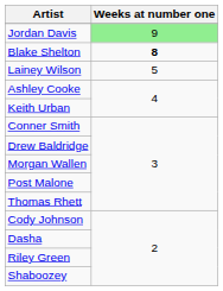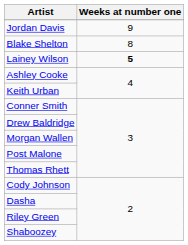 <table class="wikitable plainrowheaders sortable">
 <tr>
 <th scope=col>Artist</th>
 <th scope=col>Weeks at number one</th>
 </tr>
 <tr class=unsortable>
 </tr>
 <tr>
 <td><a href='#'>Jordan Davis</a></td>
-<td align=center style="background: lightgreen;">9</td>
+<td align=center>9</td>
 </tr>
 <tr>
 <td><a href='#'>Blake Shelton</a></td>
-<td align=center><strong>8</strong></td>
+<td align=center>8</td>
 </tr>
 <tr>
 <td><a href='#'>Lainey Wilson</a></td>
-<td align=center>5</td>
+<td align=center><strong>5</strong></td>
 </tr>
 <tr>
 <td><a href='#'>Ashley Cooke</a></td>
 <td rowspan="2" align="center">4</td>
 </tr>
 <tr>
 <td><a href='#'>Keith Urban</a></td>
 </tr>
 <tr>
 <td><a href='#'>Conner Smith</a></td>
 <td rowspan="5" align="center">3</td>
 </tr>
 <tr>
 <td><a href='#'>Drew Baldridge</a></td>
 </tr>
 <tr>
 <td><a href='#'>Morgan Wallen</a></td>
 </tr>
 <tr>
 <td><a href='#'>Post Malone</a></td>
 </tr>
 <tr>
 <td><a href='#'>Thomas Rhett</a></td>
 </tr>
 <tr>
 <td><a href='#'>Cody Johnson</a></td>
 <td rowspan="4" align="center">2</td>
 </tr>
 <tr>
 <td><a href='#'>Dasha</a></td>
 </tr>
 <tr>
 <td><a href='#'>Riley Green</a></td>
 </tr>
 <tr>
 <td><a href='#'>Shaboozey</a></td>
 </tr>
 </table>
